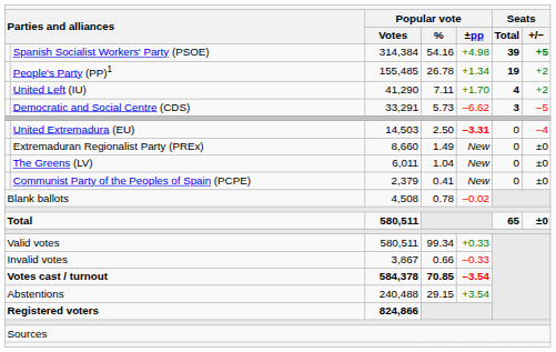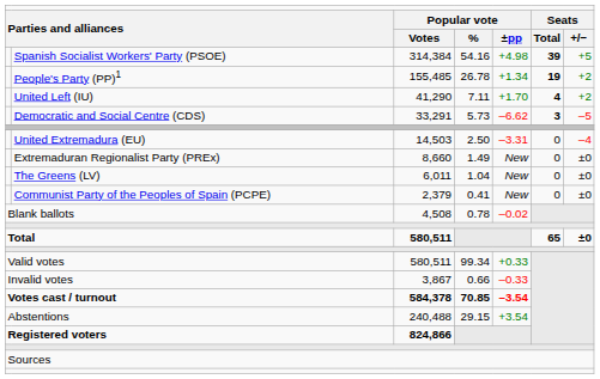 <table class="wikitable" style="text-align:right;">
 <tr>
 <td colspan="7"></td>
 </tr>
 <tr>
 <th style="text-align:left;" rowspan="2" colspan="2" width="525">Parties and alliances</th>
 <th colspan="3">Popular vote</th>
 <th colspan="2">Seats</th>
 </tr>
 <tr>
 <th width="75">Votes</th>
 <th width="45">%</th>
 <th width="45">±<a href='#'>pp</a></th>
 <th width="35">Total</th>
 <th width="35">+/−</th>
 </tr>
 <tr>
 <td width="1" style="color:inherit;background:"></td>
 <td align="left"><a href='#'>Spanish Socialist Workers' Party</a> (PSOE)</td>
 <td>314,384</td>
 <td>54.16</td>
 <td style="color:green;">+4.98</td>
 <td><strong>39</strong></td>
-<td style="color:green;"><strong>+5</strong></td>
+<td style="color:green;">+5</td>
 </tr>
 <tr>
 <td style="color:inherit;background:"></td>
 <td align="left"><a href='#'>People's Party</a> (PP)<sup>1</sup></td>
 <td>155,485</td>
 <td>26.78</td>
 <td style="color:green;">+1.34</td>
 <td><strong>19</strong></td>
 <td style="color:green;">+2</td>
 </tr>
 <tr>
 <td style="color:inherit;background:"></td>
 <td align="left"><a href='#'>United Left</a> (IU)</td>
 <td>41,290</td>
 <td>7.11</td>
 <td style="color:green;">+1.70</td>
 <td><strong>4</strong></td>
 <td style="color:green;">+2</td>
 </tr>
 <tr>
 <td style="color:inherit;background:"></td>
 <td align="left"><a href='#'>Democratic and Social Centre</a> (CDS)</td>
 <td>33,291</td>
 <td>5.73</td>
 <td style="color:red;">–6.62</td>
 <td><strong>3</strong></td>
 <td style="color:red;">–5</td>
 </tr>
 <tr>
 <td colspan="7" bgcolor="#C0C0C0"></td>
 </tr>
 <tr>
 <td style="color:inherit;background:"></td>
 <td align="left"><a href='#'>United Extremadura</a> (EU)</td>
 <td>14,503</td>
 <td>2.50</td>
-<td style="color:red;"><strong>–3.31</strong></td>
+<td style="color:red;">–3.31</td>
 <td>0</td>
 <td style="color:red;">–4</td>
 </tr>
 <tr>
 <td style="color:inherit;background:"></td>
 <td align="left">Extremaduran Regionalist Party (PREx)</td>
 <td>8,660</td>
 <td>1.49</td>
 <td><em>New</em></td>
 <td>0</td>
 <td>±0</td>
 </tr>
 <tr>
 <td style="color:inherit;background:"></td>
 <td align="left"><a href='#'>The Greens</a> (LV)</td>
 <td>6,011</td>
 <td>1.04</td>
 <td><em>New</em></td>
 <td>0</td>
 <td>±0</td>
 </tr>
 <tr>
 <td style="color:inherit;background:"></td>
 <td align="left"><a href='#'>Communist Party of the Peoples of Spain</a> (PCPE)</td>
 <td>2,379</td>
 <td>0.41</td>
 <td><em>New</em></td>
 <td>0</td>
 <td>±0</td>
 </tr>
 <tr>
 <td align="left" colspan="2">Blank ballots</td>
 <td>4,508</td>
 <td>0.78</td>
 <td style="color:red;">–0.02</td>
 <td bgcolor="#E9E9E9" colspan="2"></td>
 </tr>
 <tr>
 <td colspan="7" bgcolor="#E9E9E9"></td>
 </tr>
 <tr style="font-weight:bold;">
 <td align="left" colspan="2">Total</td>
 <td>580,511</td>
 <td bgcolor="#E9E9E9" colspan="2"></td>
 <td>65</td>
 <td>±0</td>
 </tr>
 <tr>
 <td colspan="7" bgcolor="#E9E9E9"></td>
 </tr>
 <tr>
 <td align="left" colspan="2">Valid votes</td>
 <td>580,511</td>
 <td>99.34</td>
 <td style="color:green;">+0.33</td>
 <td bgcolor="#E9E9E9" colspan="2" rowspan="5"></td>
 </tr>
 <tr>
 <td align="left" colspan="2">Invalid votes</td>
 <td>3,867</td>
 <td>0.66</td>
 <td style="color:red;">–0.33</td>
 </tr>
 <tr style="font-weight:bold;">
 <td align="left" colspan="2">Votes cast / turnout</td>
 <td>584,378</td>
 <td>70.85</td>
 <td style="color:red;">–3.54</td>
 </tr>
 <tr>
 <td align="left" colspan="2">Abstentions</td>
 <td>240,488</td>
 <td>29.15</td>
 <td style="color:green;">+3.54</td>
 </tr>
 <tr style="font-weight:bold;">
 <td align="left" colspan="2">Registered voters</td>
 <td>824,866</td>
 <td bgcolor="#E9E9E9" colspan="2"></td>
 </tr>
 <tr>
 <td colspan="7" bgcolor="#E9E9E9"></td>
 </tr>
 <tr>
 <td align="left" colspan="7">Sources</td>
 </tr>
 <tr>
 <td colspan="7" style="text-align:left; max-width:790px;"></td>
 </tr>
 </table>
